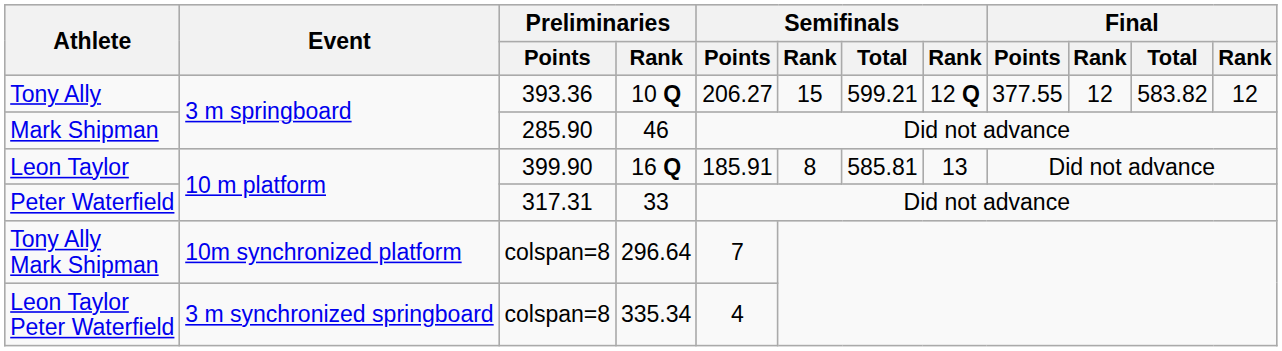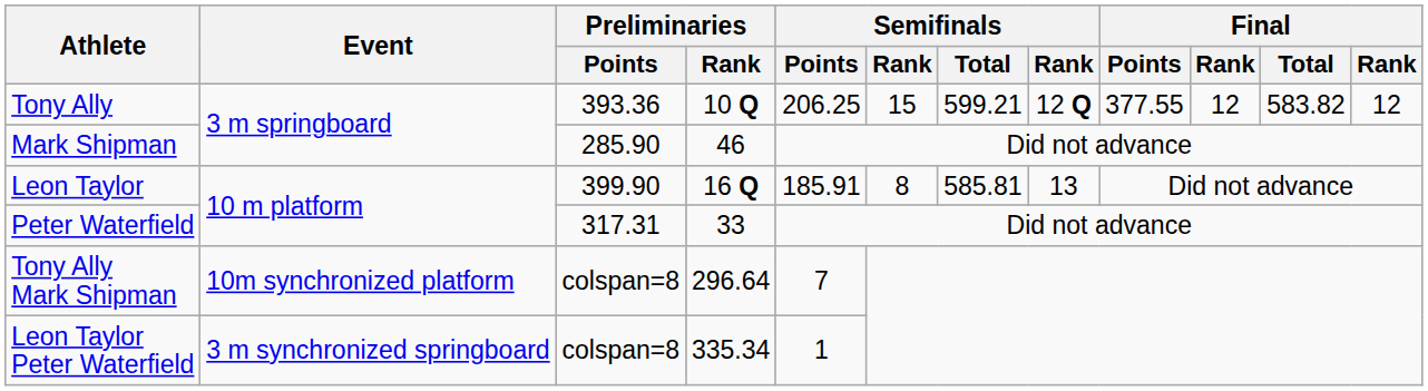 <table class=wikitable style="font-size:90%">
 <tr>
 <th rowspan="2">Athlete</th>
 <th rowspan="2">Event</th>
 <th colspan="2">Preliminaries</th>
 <th colspan="4">Semifinals</th>
 <th colspan="4">Final</th>
 </tr>
 <tr style="font-size:95%">
 <th>Points</th>
 <th>Rank</th>
 <th>Points</th>
 <th>Rank</th>
 <th>Total</th>
 <th>Rank</th>
 <th>Points</th>
 <th>Rank</th>
 <th>Total</th>
 <th>Rank</th>
 </tr>
 <tr align=center>
 <td align=left><a href='#'>Tony Ally</a></td>
 <td align=left rowspan=2><a href='#'>3 m springboard</a></td>
 <td>393.36</td>
 <td>10 <strong>Q</strong></td>
-<td>206.27</td>
+<td>206.25</td>
 <td>15</td>
 <td>599.21</td>
 <td>12 <strong>Q</strong></td>
 <td>377.55</td>
 <td>12</td>
 <td>583.82</td>
 <td>12</td>
 </tr>
 <tr align=center>
 <td align=left><a href='#'>Mark Shipman</a></td>
 <td>285.90</td>
 <td>46</td>
 <td colspan=8>Did not advance</td>
 </tr>
 <tr align=center>
 <td align=left><a href='#'>Leon Taylor</a></td>
 <td align=left rowspan=2><a href='#'>10 m platform</a></td>
 <td>399.90</td>
 <td>16 <strong>Q</strong></td>
 <td>185.91</td>
 <td>8</td>
 <td>585.81</td>
 <td>13</td>
 <td colspan=4>Did not advance</td>
 </tr>
 <tr align=center>
 <td align=left><a href='#'>Peter Waterfield</a></td>
 <td>317.31</td>
 <td>33</td>
 <td colspan=8>Did not advance</td>
 </tr>
 <tr align=center>
 <td align=left><a href='#'>Tony Ally</a><br><a href='#'>Mark Shipman</a></td>
 <td align=left><a href='#'>10m synchronized platform</a></td>
 <td>colspan=8 </td>
 <td>296.64</td>
 <td>7</td>
 </tr>
 <tr align=center>
 <td align=left><a href='#'>Leon Taylor</a><br><a href='#'>Peter Waterfield</a></td>
 <td align=left><a href='#'>3 m synchronized springboard</a></td>
 <td>colspan=8 </td>
 <td>335.34</td>
-<td>4</td>
+<td>1</td>
 </tr>
 </table>
